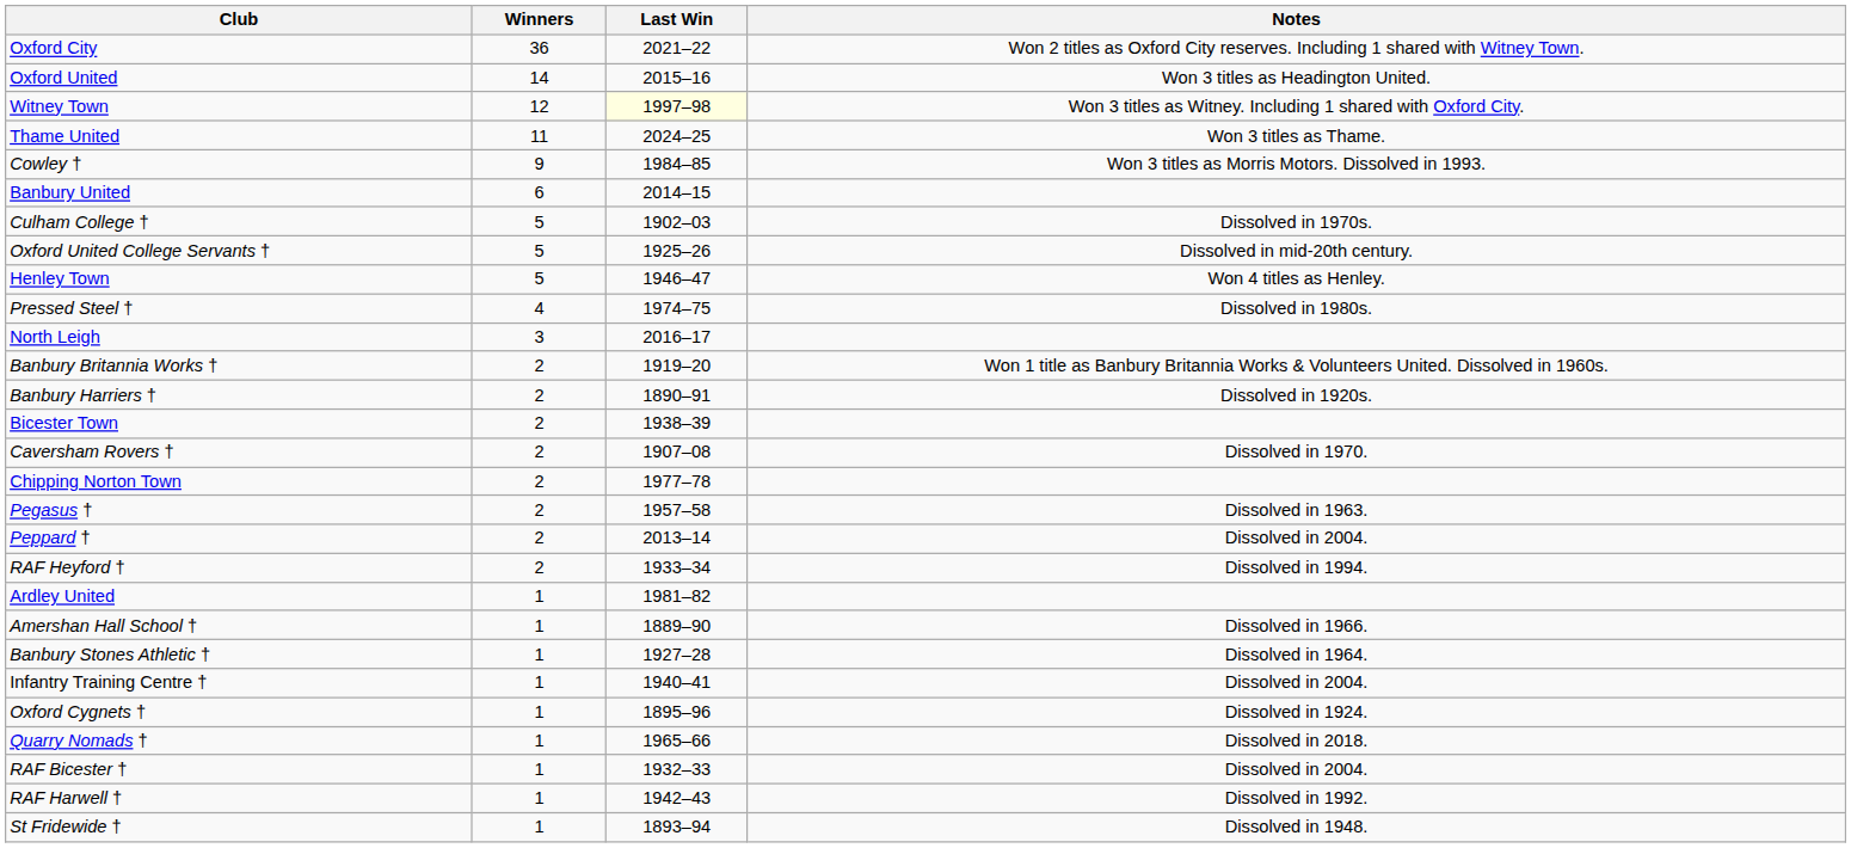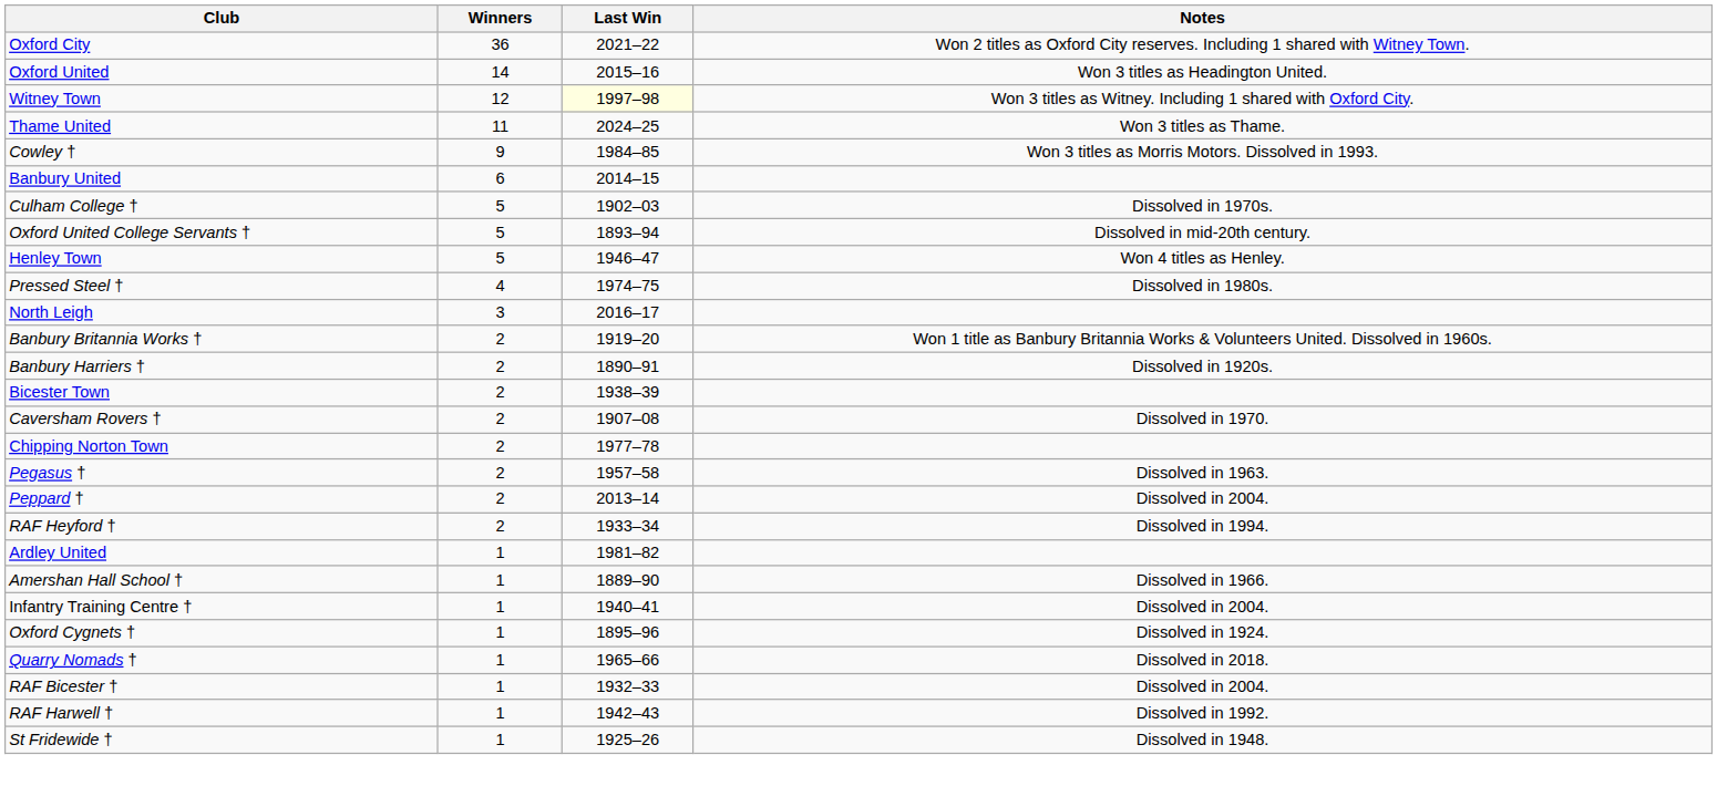 <table class="wikitable" style="text-align: center; width: 100%; font-size: 12px">
 <tr>
 <th>Club</th>
 <th>Winners</th>
 <th>Last Win</th>
 <th>Notes</th>
 </tr>
 <tr>
 <td style="text-align: left"><a href='#'>Oxford City</a></td>
 <td>36</td>
 <td>2021–22</td>
 <td>Won 2 titles as Oxford City reserves. Including 1 shared with <a href='#'>Witney Town</a>.</td>
 </tr>
 <tr>
 <td style="text-align: left"><a href='#'>Oxford United</a></td>
 <td>14</td>
 <td>2015–16</td>
 <td>Won 3 titles as Headington United.</td>
 </tr>
 <tr>
 <td style="text-align: left"><a href='#'>Witney Town</a></td>
 <td>12</td>
 <td style="background: lightyellow;">1997–98</td>
 <td>Won 3 titles as Witney. Including 1 shared with <a href='#'>Oxford City</a>.</td>
 </tr>
 <tr>
 <td style="text-align: left"><a href='#'>Thame United</a></td>
 <td>11</td>
 <td>2024–25</td>
 <td>Won 3 titles as Thame.</td>
 </tr>
 <tr>
 <td style="text-align: left"><em>Cowley</em> †</td>
 <td>9</td>
 <td>1984–85</td>
 <td>Won 3 titles as Morris Motors. Dissolved in 1993.</td>
 </tr>
 <tr>
 <td style="text-align: left"><a href='#'>Banbury United</a></td>
 <td>6</td>
 <td>2014–15</td>
 <td></td>
 </tr>
 <tr>
 <td style="text-align: left"><em>Culham College</em> †</td>
 <td>5</td>
 <td>1902–03</td>
 <td>Dissolved in 1970s.</td>
 </tr>
 <tr>
 <td style="text-align: left"><em>Oxford United College Servants</em> †</td>
 <td>5</td>
-<td>1925–26</td>
+<td>1893–94</td>
 <td>Dissolved in mid-20th century.</td>
 </tr>
 <tr>
 <td style="text-align: left"><a href='#'>Henley Town</a></td>
 <td>5</td>
 <td>1946–47</td>
 <td>Won 4 titles as Henley.</td>
 </tr>
 <tr>
 <td style="text-align: left"><em>Pressed Steel</em> †</td>
 <td>4</td>
 <td>1974–75</td>
 <td>Dissolved in 1980s.</td>
 </tr>
 <tr>
 <td style="text-align: left"><a href='#'>North Leigh</a></td>
 <td>3</td>
 <td>2016–17</td>
 <td></td>
 </tr>
 <tr>
 <td style="text-align: left"><em>Banbury Britannia Works</em> †</td>
 <td>2</td>
 <td>1919–20</td>
 <td>Won 1 title as Banbury Britannia Works & Volunteers United. Dissolved in 1960s.</td>
 </tr>
 <tr>
 <td style="text-align: left"><em>Banbury Harriers</em> †</td>
 <td>2</td>
 <td>1890–91</td>
 <td>Dissolved in 1920s.</td>
 </tr>
 <tr>
 <td style="text-align: left"><a href='#'>Bicester Town</a></td>
 <td>2</td>
 <td>1938–39</td>
 <td></td>
 </tr>
 <tr>
 <td style="text-align: left"><em>Caversham Rovers</em> †</td>
 <td>2</td>
 <td>1907–08</td>
 <td>Dissolved in 1970.</td>
 </tr>
 <tr>
 <td style="text-align: left"><a href='#'>Chipping Norton Town</a></td>
 <td>2</td>
 <td>1977–78</td>
 <td></td>
 </tr>
 <tr>
 <td style="text-align: left"><em><a href='#'>Pegasus</a></em> †</td>
 <td>2</td>
 <td>1957–58</td>
 <td>Dissolved in 1963.</td>
 </tr>
 <tr>
 <td style="text-align: left"><em><a href='#'>Peppard</a></em> †</td>
 <td>2</td>
 <td>2013–14</td>
 <td>Dissolved in 2004.</td>
 </tr>
 <tr>
 <td style="text-align: left"><em>RAF Heyford</em> †</td>
 <td>2</td>
 <td>1933–34</td>
 <td>Dissolved in 1994.</td>
 </tr>
 <tr>
 <td style="text-align: left"><a href='#'>Ardley United</a></td>
 <td>1</td>
 <td>1981–82</td>
 <td></td>
 </tr>
 <tr>
 <td style="text-align: left"><em>Amershan Hall School</em> †</td>
 <td>1</td>
 <td>1889–90</td>
 <td>Dissolved in 1966.</td>
 </tr>
 <tr>
-<td style="text-align: left"><em>Banbury Stones Athletic</em> †</td>
-<td>1</td>
-<td>1927–28</td>
-<td>Dissolved in 1964.</td>
-</tr>
-<tr>
 <td style="text-align: left">Infantry Training Centre †</td>
 <td>1</td>
 <td>1940–41</td>
 <td>Dissolved in 2004.</td>
 </tr>
 <tr>
 <td style="text-align: left"><em>Oxford Cygnets</em> †</td>
 <td>1</td>
 <td>1895–96</td>
 <td>Dissolved in 1924.</td>
 </tr>
 <tr>
 <td style="text-align: left"><em><a href='#'>Quarry Nomads</a></em> †</td>
 <td>1</td>
 <td>1965–66</td>
 <td>Dissolved in 2018.</td>
 </tr>
 <tr>
 <td style="text-align: left"><em>RAF Bicester</em> †</td>
 <td>1</td>
 <td>1932–33</td>
 <td>Dissolved in 2004.</td>
 </tr>
 <tr>
 <td style="text-align: left"><em>RAF Harwell</em> †</td>
 <td>1</td>
 <td>1942–43</td>
 <td>Dissolved in 1992.</td>
 </tr>
 <tr>
 <td style="text-align: left"><em>St Fridewide</em> †</td>
 <td>1</td>
-<td>1893–94</td>
+<td>1925–26</td>
 <td>Dissolved in 1948.</td>
 </tr>
 </table>
